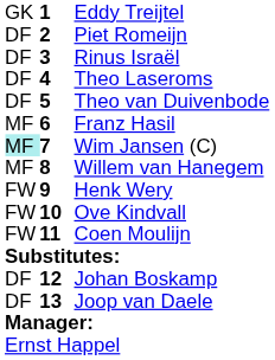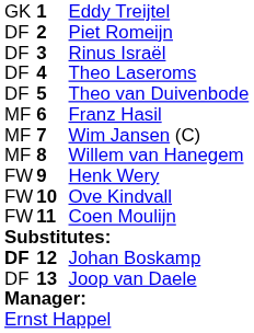 <table style="font-size:90%; margin:0.2em auto;" cellspacing="0" cellpadding="0">
 <tr>
 <th width="25"></th>
 <th width="25"></th>
 </tr>
 <tr>
 <td>GK</td>
 <td><strong>1</strong></td>
 <td> <a href='#'>Eddy Treijtel</a></td>
 </tr>
 <tr>
 <td>DF</td>
 <td><strong>2</strong></td>
 <td> <a href='#'>Piet Romeijn</a></td>
 </tr>
 <tr>
 <td>DF</td>
 <td><strong>3</strong></td>
 <td> <a href='#'>Rinus Israël</a></td>
 </tr>
 <tr>
 <td>DF</td>
 <td><strong>4</strong></td>
 <td> <a href='#'>Theo Laseroms</a></td>
 </tr>
 <tr>
 <td>DF</td>
 <td><strong>5</strong></td>
 <td> <a href='#'>Theo van Duivenbode</a></td>
 </tr>
 <tr>
 <td>MF</td>
 <td><strong>6</strong></td>
 <td> <a href='#'>Franz Hasil</a></td>
 <td></td>
 <td></td>
 </tr>
 <tr>
-<td style="background: paleturquoise;">MF</td>
+<td>MF</td>
 <td><strong>7</strong></td>
 <td> <a href='#'>Wim Jansen</a> (C)</td>
 </tr>
 <tr>
 <td>MF</td>
 <td><strong>8</strong></td>
 <td> <a href='#'>Willem van Hanegem</a></td>
 </tr>
 <tr>
 <td>FW</td>
 <td><strong>9</strong></td>
 <td> <a href='#'>Henk Wery</a></td>
 </tr>
 <tr>
 <td>FW</td>
 <td><strong>10</strong></td>
 <td> <a href='#'>Ove Kindvall</a></td>
 </tr>
 <tr>
 <td>FW</td>
 <td><strong>11</strong></td>
 <td> <a href='#'>Coen Moulijn</a></td>
 <td></td>
 <td></td>
 </tr>
 <tr>
 <td colspan=3><strong>Substitutes:</strong></td>
 </tr>
 <tr>
-<td>DF</td>
+<td><strong>DF</strong></td>
 <td><strong>12</strong></td>
 <td> <a href='#'>Johan Boskamp</a></td>
 <td></td>
 <td></td>
 </tr>
 <tr>
 <td>DF</td>
 <td><strong>13</strong></td>
 <td> <a href='#'>Joop van Daele</a></td>
 <td></td>
 <td></td>
 </tr>
 <tr>
 <td colspan=3><strong>Manager:</strong></td>
 </tr>
 <tr>
 <td colspan=4> <a href='#'>Ernst Happel</a></td>
 </tr>
 </table>
